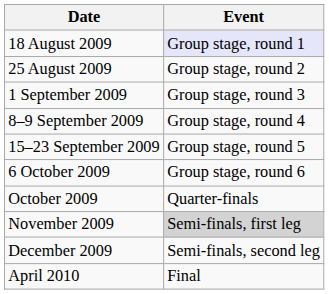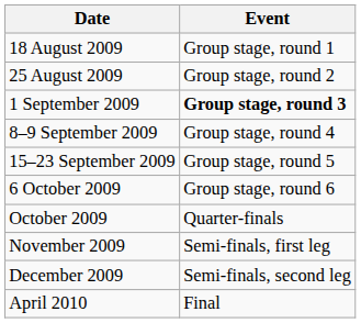 <table class="wikitable">
 <tr>
 <th>Date</th>
 <th>Event</th>
 </tr>
 <tr>
 <td>18 August 2009</td>
-<td style="background: lavender;">Group stage, round 1</td>
+<td>Group stage, round 1</td>
 </tr>
 <tr>
 <td>25 August 2009</td>
 <td>Group stage, round 2</td>
 </tr>
 <tr>
 <td>1 September 2009</td>
-<td>Group stage, round 3</td>
+<td><strong>Group stage, round 3</strong></td>
 </tr>
 <tr>
 <td>8–9 September 2009</td>
 <td>Group stage, round 4</td>
 </tr>
 <tr>
 <td>15–23 September 2009</td>
 <td>Group stage, round 5</td>
 </tr>
 <tr>
 <td>6 October 2009</td>
 <td>Group stage, round 6</td>
 </tr>
 <tr>
 <td>October 2009</td>
 <td>Quarter-finals</td>
 </tr>
 <tr>
 <td>November 2009</td>
-<td style="background: lightgrey;">Semi-finals, first leg</td>
+<td>Semi-finals, first leg</td>
 </tr>
 <tr>
 <td>December 2009</td>
 <td>Semi-finals, second leg</td>
 </tr>
 <tr>
 <td>April 2010</td>
 <td>Final</td>
 </tr>
 </table>
